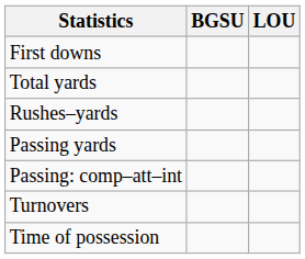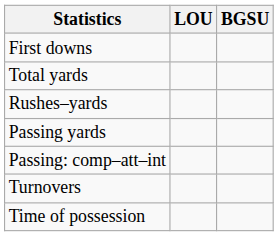 <table class="wikitable" style="float:left">
 <tr>
 <th>Statistics</th>
+<th>LOU</th>
 <th>BGSU</th>
-<th>LOU</th>
 </tr>
 <tr>
 <td>First downs</td>
 <td></td>
 <td></td>
 </tr>
 <tr>
 <td>Total yards</td>
 <td></td>
 <td></td>
 </tr>
 <tr>
 <td>Rushes–yards</td>
 <td></td>
 <td></td>
 </tr>
 <tr>
 <td>Passing yards</td>
 <td></td>
 <td></td>
 </tr>
 <tr>
 <td>Passing: comp–att–int</td>
 <td></td>
 <td></td>
 </tr>
 <tr>
 <td>Turnovers</td>
 <td></td>
 <td></td>
 </tr>
 <tr>
 <td>Time of possession</td>
 <td></td>
 <td></td>
 </tr>
 </table>
